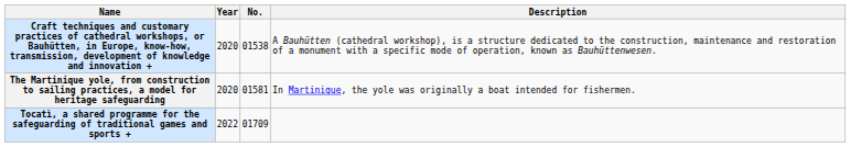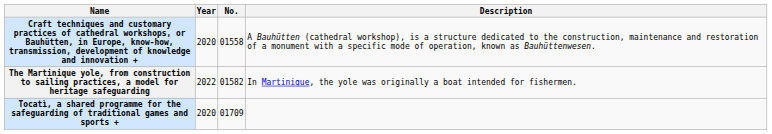 <table class="wikitable sortable plainrowheaders">
 <tr>
 <th style="width:25%">Name</th>
 <th>Year</th>
 <th>No.</th>
 <th class="unsortable">Description</th>
 </tr>
 <tr>
 <th scope="row" style="background:#D0E7FF;">Craft techniques and customary practices of cathedral workshops, or Bauhütten, in Europe, know-how, transmission, development of knowledge and innovation +</th>
 <td>2020</td>
-<td>01538</td>
+<td>01558</td>
 <td>A <em>Bauhütten</em> (cathedral workshop), is a structure dedicated to the construction, maintenance and restoration of a monument with a specific mode of operation, known as <em>Bauhüttenwesen</em>.</td>
 </tr>
 <tr>
 <th scope="row">The Martinique yole, from construction to sailing practices, a model for heritage safeguarding</th>
-<td>2020</td>
-<td>01581</td>
+<td>2022</td>
+<td>01582</td>
 <td>In <a href='#'>Martinique</a>, the yole was originally a boat intended for fishermen.</td>
 </tr>
 <tr>
 <th scope="row" style="background:#D0E7FF;">Tocatì, a shared programme for the safeguarding of traditional games and sports +</th>
-<td>2022</td>
+<td>2020</td>
 <td>01709</td>
 <td></td>
 </tr>
 </table>
